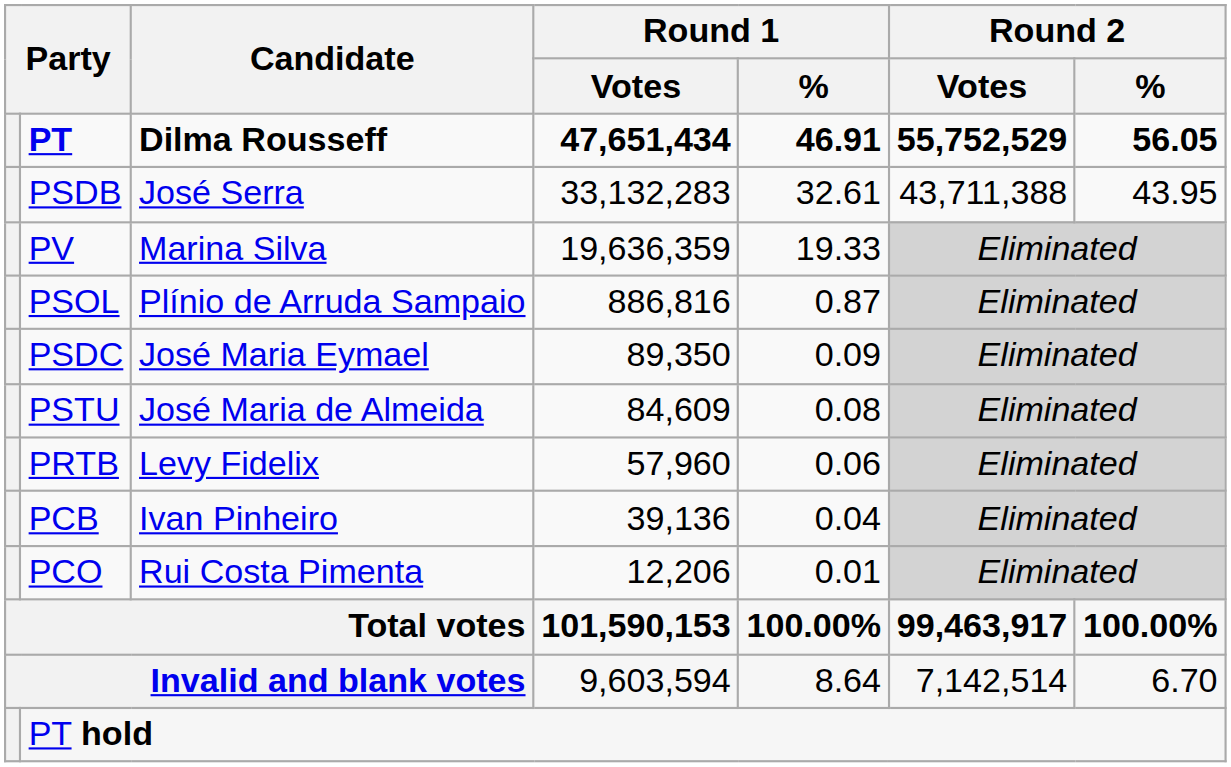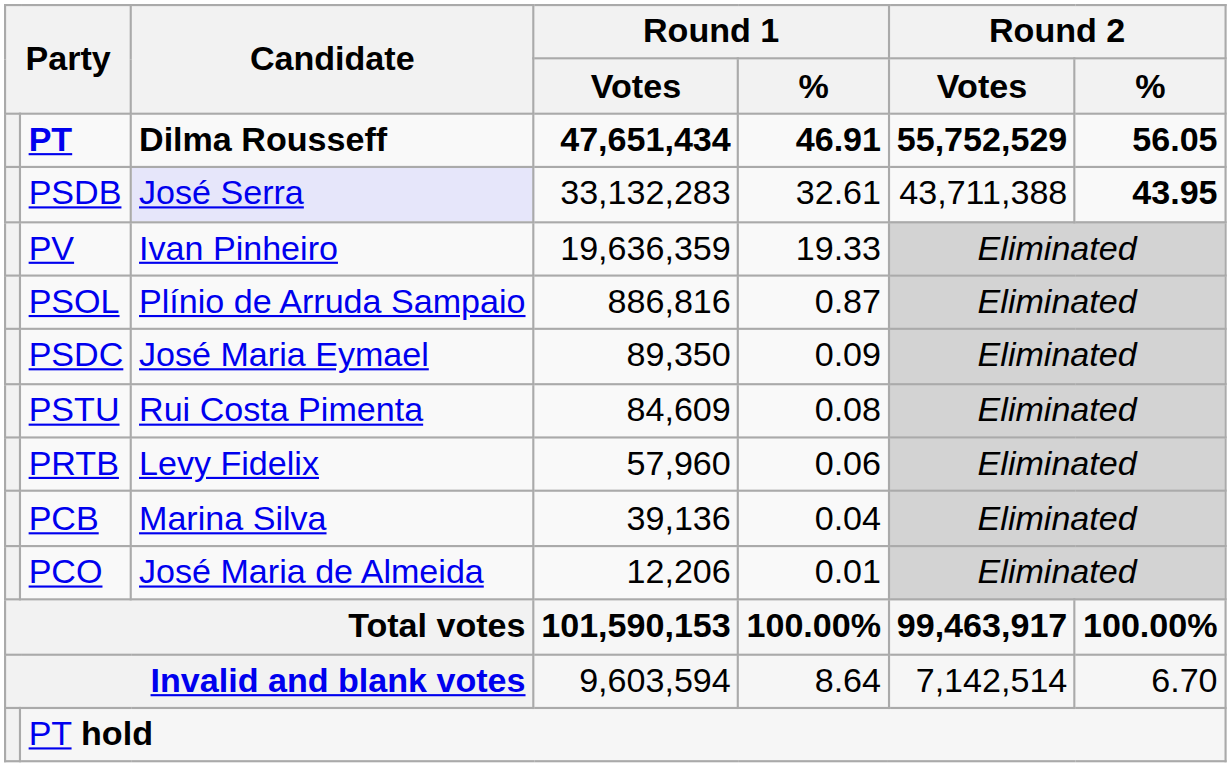 <table class="wikitable sortable" style="text-align:right">
 <tr>
 <th colspan=2 rowspan=2>Party</th>
 <th rowspan=2>Candidate</th>
 <th colspan=2>Round 1</th>
 <th colspan=2>Round 2</th>
 </tr>
 <tr>
 <th>Votes</th>
 <th>%</th>
 <th>Votes</th>
 <th>%</th>
 </tr>
 <tr>
 <th style="background-color:"></th>
 <td style="text-align:left"><strong><a href='#'>PT</a></strong></td>
 <td style="text-align:left"><strong>Dilma Rousseff</strong></td>
 <td><strong>47,651,434</strong></td>
 <td><strong>46.91</strong></td>
 <td><strong>55,752,529</strong></td>
 <td><strong>56.05</strong></td>
 </tr>
 <tr>
 <th style="background-color:"></th>
 <td style="text-align:left"><a href='#'>PSDB</a></td>
-<td style="text-align:left"><a href='#'>José Serra</a></td>
+<td style="background: lavender; text-align:left"><a href='#'>José Serra</a></td>
 <td>33,132,283</td>
 <td>32.61</td>
 <td>43,711,388</td>
-<td>43.95</td>
+<td><strong>43.95</strong></td>
 </tr>
 <tr>
 <th style="background-color:"></th>
 <td style="text-align:left"><a href='#'>PV</a></td>
-<td style="text-align:left"><a href='#'>Marina Silva</a></td>
+<td style="text-align:left"><a href='#'>Ivan Pinheiro</a></td>
 <td>19,636,359</td>
 <td>19.33</td>
 <td colspan="2"  style="background:lightgrey; text-align:center;"><em>Eliminated</em></td>
 </tr>
 <tr>
 <th style="background-color:"></th>
 <td style="text-align:left"><a href='#'>PSOL</a></td>
 <td style="text-align:left"><a href='#'>Plínio de Arruda Sampaio</a></td>
 <td>886,816</td>
 <td>0.87</td>
 <td colspan="2"  style="background:lightgrey; text-align:center;"><em>Eliminated</em></td>
 </tr>
 <tr>
 <th style="background-color:"></th>
 <td style="text-align:left"><a href='#'>PSDC</a></td>
 <td style="text-align:left"><a href='#'>José Maria Eymael</a></td>
 <td>89,350</td>
 <td>0.09</td>
 <td colspan="2"  style="background:lightgrey; text-align:center;"><em>Eliminated</em></td>
 </tr>
 <tr>
 <th style="background-color:"></th>
 <td style="text-align:left"><a href='#'>PSTU</a></td>
-<td style="text-align:left"><a href='#'>José Maria de Almeida</a></td>
+<td style="text-align:left"><a href='#'>Rui Costa Pimenta</a></td>
 <td>84,609</td>
 <td>0.08</td>
 <td colspan="2"  style="background:lightgrey; text-align:center;"><em>Eliminated</em></td>
 </tr>
 <tr>
 <th style="background-color:"></th>
 <td style="text-align:left"><a href='#'>PRTB</a></td>
 <td style="text-align:left"><a href='#'>Levy Fidelix</a></td>
 <td>57,960</td>
 <td>0.06</td>
 <td colspan="2"  style="background:lightgrey; text-align:center;"><em>Eliminated</em></td>
 </tr>
 <tr>
 <th style="background-color:"></th>
 <td style="text-align:left"><a href='#'>PCB</a></td>
-<td style="text-align:left"><a href='#'>Ivan Pinheiro</a></td>
+<td style="text-align:left"><a href='#'>Marina Silva</a></td>
 <td>39,136</td>
 <td>0.04</td>
 <td colspan="2"  style="background:lightgrey; text-align:center;"><em>Eliminated</em></td>
 </tr>
 <tr>
 <th style="background-color:"></th>
 <td style="text-align:left"><a href='#'>PCO</a></td>
-<td style="text-align:left"><a href='#'>Rui Costa Pimenta</a></td>
+<td style="text-align:left"><a href='#'>José Maria de Almeida</a></td>
 <td>12,206</td>
 <td>0.01</td>
 <td colspan="2"  style="background:lightgrey; text-align:center;"><em>Eliminated</em></td>
 </tr>
 <tr class="sortbottom" style="background:#f6f6f6;">
 <th colspan=3 scope="row" style="text-align:right;">Total votes</th>
 <td><strong>101,590,153</strong></td>
 <td><strong>100.00%</strong></td>
 <td><strong>99,463,917</strong></td>
 <td><strong>100.00%</strong></td>
 </tr>
 <tr class="sortbottom" style="background:#f6f6f6;">
 <th colspan=3 scope="row" style="text-align:right;"><a href='#'>Invalid and blank votes</a></th>
 <td>9,603,594</td>
 <td>8.64</td>
 <td>7,142,514</td>
 <td>6.70</td>
 </tr>
 <tr class="sortbottom" style="background:#f6f6f6;">
 <th style="background-color:"></th>
 <td style="text-align:left" colspan=6><a href='#'>PT</a> <strong>hold</strong></td>
 </tr>
 </table>
